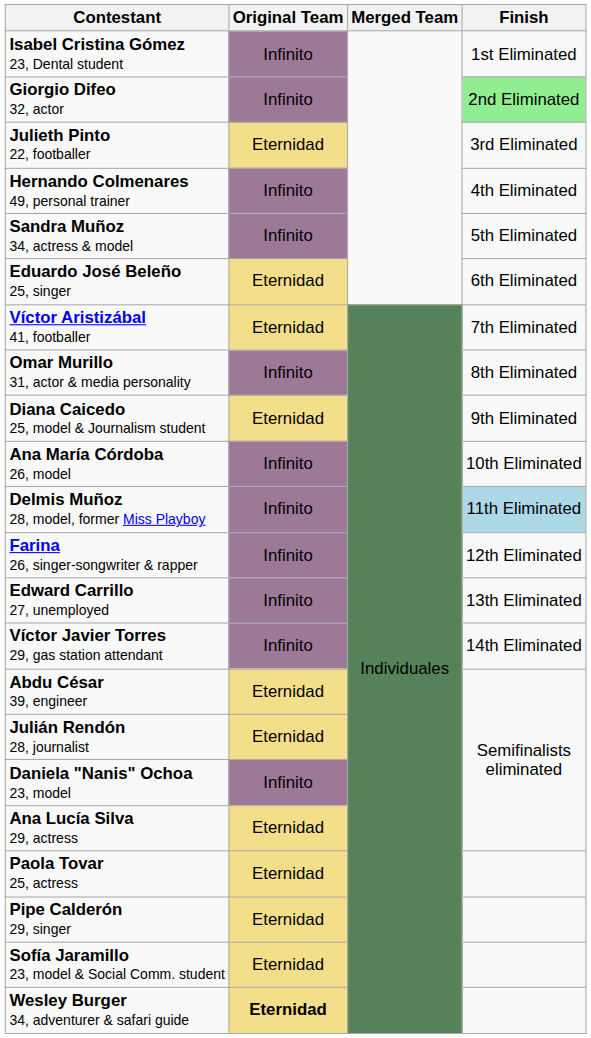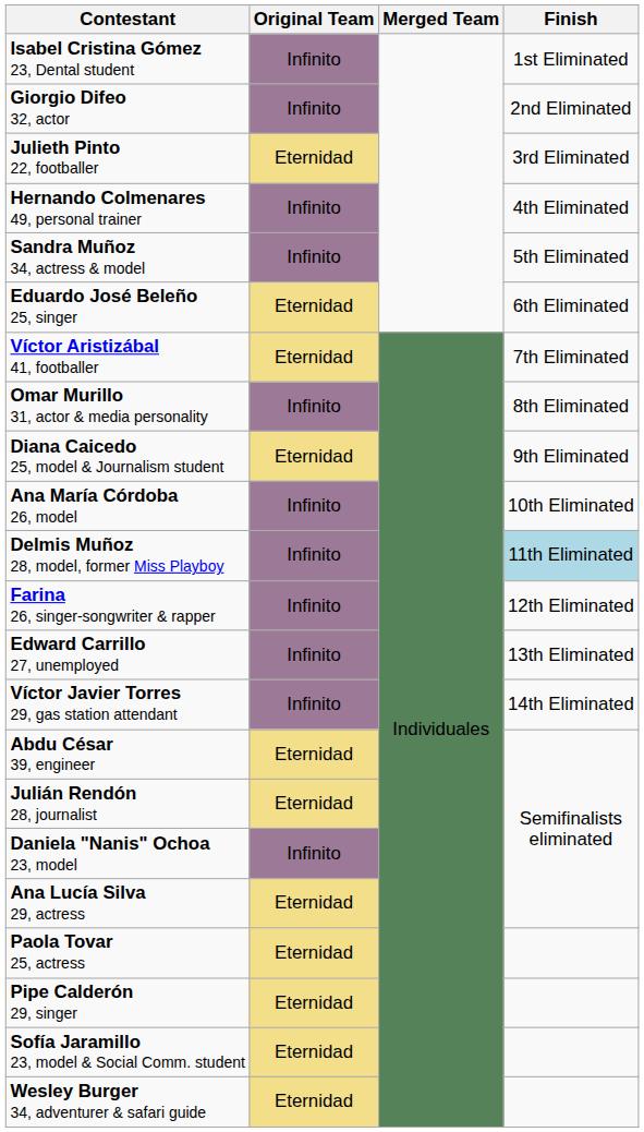 <table class="wikitable sortable" style="margin:auto; text-align:center">
 <tr>
 <th>Contestant</th>
 <th>Original Team</th>
 <th>Merged Team</th>
 <th>Finish</th>
 </tr>
 <tr>
 <td align="left"><strong>Isabel Cristina Gómez</strong><br><small>23, Dental student</small></td>
 <td bgcolor="9C7A97">Infinito</td>
 <td rowspan="6"></td>
 <td>1st Eliminated</td>
 </tr>
 <tr>
 <td align="left"><strong>Giorgio Difeo</strong><br><small>32, actor</small></td>
 <td bgcolor="9C7A97">Infinito</td>
-<td style="background: lightgreen;">2nd Eliminated</td>
+<td>2nd Eliminated</td>
 </tr>
 <tr>
 <td align="left"><strong>Julieth Pinto</strong><br><small>22, footballer</small></td>
 <td bgcolor="F3DE8A">Eternidad</td>
 <td>3rd Eliminated</td>
 </tr>
 <tr>
 <td align="left"><strong>Hernando Colmenares</strong><br><small>49, personal trainer</small></td>
 <td bgcolor="9C7A97">Infinito</td>
 <td>4th Eliminated</td>
 </tr>
 <tr>
 <td align="left"><strong>Sandra Muñoz</strong><br><small>34, actress & model</small></td>
 <td bgcolor="9C7A97">Infinito</td>
 <td>5th Eliminated</td>
 </tr>
 <tr>
 <td align="left"><strong>Eduardo José Beleño</strong><br><small>25, singer</small></td>
 <td bgcolor="F3DE8A">Eternidad</td>
 <td>6th Eliminated</td>
 </tr>
 <tr>
 <td align="left"><strong><a href='#'>Víctor Aristizábal</a></strong><br><small>41, footballer</small></td>
 <td bgcolor="F3DE8A">Eternidad</td>
 <td rowspan="16" bgcolor="568259">Individuales</td>
 <td>7th Eliminated</td>
 </tr>
 <tr>
 <td align="left"><strong>Omar Murillo</strong><br><small>31, actor & media personality</small></td>
 <td bgcolor="9C7A97">Infinito</td>
 <td>8th Eliminated</td>
 </tr>
 <tr>
 <td align="left"><strong>Diana Caicedo</strong><br><small>25, model & Journalism student</small></td>
 <td bgcolor="F3DE8A">Eternidad</td>
 <td>9th Eliminated</td>
 </tr>
 <tr>
 <td align="left"><strong>Ana María Córdoba</strong><br><small>26, model</small></td>
 <td bgcolor="9C7A97">Infinito</td>
 <td>10th Eliminated</td>
 </tr>
 <tr>
 <td align="left"><strong>Delmis Muñoz</strong><br><small>28, model, former <a href='#'>Miss Playboy</a></small></td>
 <td bgcolor="9C7A97">Infinito</td>
 <td style="background: lightblue;">11th Eliminated</td>
 </tr>
 <tr>
 <td align="left"><strong><a href='#'>Farina</a></strong><br><small>26, singer-songwriter & rapper</small></td>
 <td bgcolor="9C7A97">Infinito</td>
 <td>12th Eliminated</td>
 </tr>
 <tr>
 <td align="left"><strong>Edward Carrillo</strong><br><small>27, unemployed</small></td>
 <td bgcolor="9C7A97">Infinito</td>
 <td>13th Eliminated</td>
 </tr>
 <tr>
 <td align="left"><strong>Víctor Javier Torres</strong><br><small>29, gas station attendant</small></td>
 <td bgcolor="9C7A97">Infinito</td>
 <td>14th Eliminated</td>
 </tr>
 <tr>
 <td align="left"><strong>Abdu César</strong><br><small>39, engineer</small></td>
 <td bgcolor="F3DE8A">Eternidad</td>
 <td rowspan="4">Semifinalists<br>eliminated</td>
 </tr>
 <tr>
 <td align="left"><strong>Julián Rendón</strong><br><small>28, journalist</small></td>
 <td bgcolor="F3DE8A">Eternidad</td>
 </tr>
 <tr>
 <td align="left"><strong>Daniela "Nanis" Ochoa</strong><br><small>23, model</small></td>
 <td bgcolor="9C7A97">Infinito</td>
 </tr>
 <tr>
 <td align="left"><strong>Ana Lucía Silva</strong><br><small>29, actress</small></td>
 <td bgcolor="F3DE8A">Eternidad</td>
 </tr>
 <tr>
 <td align="left"><strong>Paola Tovar</strong><br><small>25, actress</small></td>
 <td bgcolor="F3DE8A">Eternidad</td>
 <td></td>
 </tr>
 <tr>
 <td align="left"><strong>Pipe Calderón</strong><br><small>29, singer</small></td>
 <td bgcolor="F3DE8A">Eternidad</td>
 <td></td>
 </tr>
 <tr>
 <td align="left"><strong>Sofía Jaramillo</strong><br><small>23, model & Social Comm. student</small></td>
 <td bgcolor="F3DE8A">Eternidad</td>
 <td><strong></strong></td>
 </tr>
 <tr>
 <td align="left"><strong>Wesley Burger</strong><br><small>34, adventurer & safari guide</small></td>
-<td bgcolor="F3DE8A"><strong>Eternidad</strong></td>
+<td bgcolor="F3DE8A">Eternidad</td>
 <td><strong></strong></td>
 </tr>
 </table>
